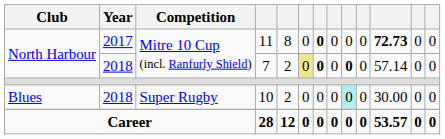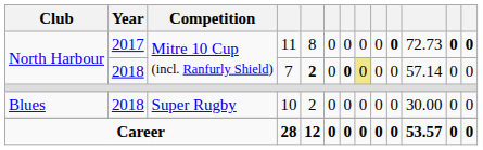 <table class="wikitable sortable" style="text-align:center; font-size:95%">
 <tr>
 <th>Club</th>
 <th>Year</th>
 <th>Competition</th>
 <th></th>
 <th></th>
 <th></th>
 <th></th>
 <th></th>
 <th></th>
 <th></th>
 <th></th>
 <th></th>
 <th></th>
 </tr>
 <tr>
 <td rowspan=2 style="text-align:left;"><a href='#'>North Harbour</a></td>
 <td style="text-align:left;"><a href='#'>2017</a></td>
 <td rowspan=2 style="text-align:left;"><a href='#'>Mitre 10 Cup</a><br><small>(incl. <a href='#'>Ranfurly Shield</a>)</small></td>
 <td>11</td>
 <td>8</td>
 <td>0</td>
-<td><strong>0</strong></td>
 <td>0</td>
 <td>0</td>
 <td>0</td>
-<td><strong>72.73</strong></td>
-<td>0</td>
-<td>0</td>
+<td><strong>0</strong></td>
+<td>72.73</td>
+<td><strong>0</strong></td>
+<td><strong>0</strong></td>
 </tr>
 <tr>
 <td style="text-align:left;"><a href='#'>2018</a></td>
 <td>7</td>
-<td>2</td>
-<td style="background: khaki;">0</td>
-<td><strong>0</strong></td>
+<td><strong>2</strong></td>
 <td>0</td>
 <td><strong>0</strong></td>
+<td style="background: khaki;">0</td>
+<td>0</td>
 <td>0</td>
 <td>57.14</td>
 <td>0</td>
 <td>0</td>
 </tr>
 <tr>
 <td colspan=13 style="background-color: #DDDDDD"></td>
 </tr>
 <tr>
 <td style="text-align:left;"><a href='#'>Blues</a></td>
 <td style="text-align:left;"><a href='#'>2018</a></td>
 <td style="text-align:left;"><a href='#'>Super Rugby</a></td>
 <td>10</td>
 <td>2</td>
 <td>0</td>
 <td>0</td>
 <td>0</td>
-<td style="background: paleturquoise;">0</td>
+<td>0</td>
 <td>0</td>
 <td>30.00</td>
 <td>0</td>
 <td>0</td>
 </tr>
 <tr>
 </tr>
 <tr class="sortbottom" valign="top">
 <td colspan=3 style="text-align: center"><strong>Career</strong></td>
 <td><strong>28</strong></td>
 <td><strong>12</strong></td>
 <td><strong>0</strong></td>
 <td><strong>0</strong></td>
 <td><strong>0</strong></td>
 <td><strong>0</strong></td>
 <td><strong>0</strong></td>
 <td><strong>53.57</strong></td>
 <td><strong>0</strong></td>
 <td><strong>0</strong></td>
 </tr>
 </table>
